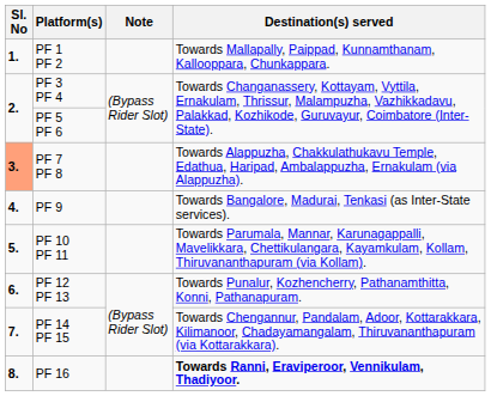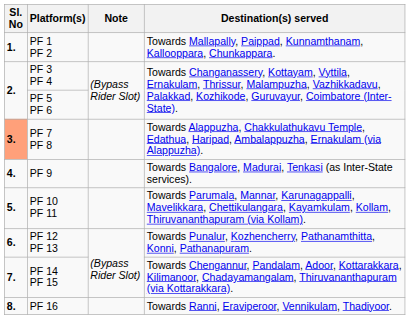 <table class="wikitable">
 <tr>
 <th>Sl. No</th>
 <th>Platform(s)</th>
 <th>Note</th>
 <th>Destination(s) served</th>
 </tr>
 <tr>
 <td><strong>1.</strong></td>
 <td>PF 1<br>PF 2</td>
 <td></td>
 <td>Towards <a href='#'>Mallapally</a>, <a href='#'>Paippad</a>, <a href='#'>Kunnamthanam</a>, <a href='#'>Kallooppara</a>, <a href='#'>Chunkappara</a>.</td>
 </tr>
 <tr>
 <td rowspan="2"><strong>2.</strong></td>
 <td>PF 3<br>PF 4</td>
 <td rowspan="2"><em>(Bypass Rider Slot)</em></td>
 <td rowspan="2">Towards <a href='#'>Changanassery</a>, <a href='#'>Kottayam</a>, <a href='#'>Vyttila</a>, <a href='#'>Ernakulam</a>, <a href='#'>Thrissur</a>, <a href='#'>Malampuzha</a>, <a href='#'>Vazhikkadavu</a>, <a href='#'>Palakkad</a>, <a href='#'>Kozhikode</a>, <a href='#'>Guruvayur</a>, <a href='#'>Coimbatore (Inter-State)</a>.</td>
 </tr>
 <tr>
 <td>PF 5<br>PF 6</td>
 </tr>
 <tr>
 <td style="background: lightsalmon;"><strong>3.</strong></td>
 <td>PF 7<br>PF 8</td>
 <td></td>
 <td>Towards <a href='#'>Alappuzha</a>, <a href='#'>Chakkulathukavu Temple</a>, <a href='#'>Edathua</a>, <a href='#'>Haripad</a>, <a href='#'>Ambalappuzha</a>, <a href='#'>Ernakulam (via Alappuzha)</a>.</td>
 </tr>
 <tr>
 <td><strong>4.</strong></td>
 <td>PF 9</td>
 <td></td>
 <td>Towards <a href='#'>Bangalore</a>, <a href='#'>Madurai</a>, <a href='#'>Tenkasi</a> (as Inter-State services).</td>
 </tr>
 <tr>
 <td><strong>5.</strong></td>
 <td>PF 10<br>PF 11</td>
 <td></td>
 <td>Towards <a href='#'>Parumala</a>, <a href='#'>Mannar</a>, <a href='#'>Karunagappalli</a>, <a href='#'>Mavelikkara</a>, <a href='#'>Chettikulangara</a>, <a href='#'>Kayamkulam</a>, <a href='#'>Kollam</a>, <a href='#'>Thiruvananthapuram (via Kollam)</a>.</td>
 </tr>
 <tr>
 <td><strong>6.</strong></td>
 <td>PF 12<br>PF 13</td>
 <td rowspan="2"><br><em>(Bypass Rider Slot)</em></td>
 <td>Towards <a href='#'>Punalur</a>, <a href='#'>Kozhencherry</a>, <a href='#'>Pathanamthitta</a>, <a href='#'>Konni</a>, <a href='#'>Pathanapuram</a>.</td>
 </tr>
 <tr>
 <td><strong>7.</strong></td>
 <td>PF 14<br>PF 15</td>
 <td>Towards <a href='#'>Chengannur</a>, <a href='#'>Pandalam</a>, <a href='#'>Adoor</a>, <a href='#'>Kottarakkara</a>, <a href='#'>Kilimanoor</a>, <a href='#'>Chadayamangalam</a>, <a href='#'>Thiruvananthapuram (via Kottarakkara)</a>.</td>
 </tr>
 <tr>
 <td><strong>8.</strong></td>
 <td>PF 16</td>
 <td></td>
-<td><strong>Towards <a href='#'>Ranni</a>, <a href='#'>Eraviperoor</a>, <a href='#'>Vennikulam</a>, <a href='#'>Thadiyoor</a>.</strong></td>
+<td>Towards <a href='#'>Ranni</a>, <a href='#'>Eraviperoor</a>, <a href='#'>Vennikulam</a>, <a href='#'>Thadiyoor</a>.</td>
 </tr>
 </table>
